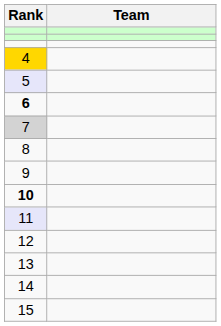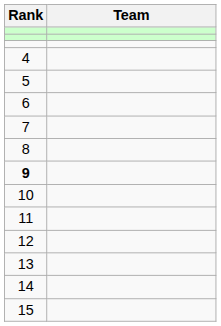 <table class="wikitable" style="text-align: center;">
 <tr>
 <th width=40>Rank</th>
 <th width=180>Team</th>
 </tr>
 <tr bgcolor=#ccffcc>
 <td></td>
 <td align=left></td>
 </tr>
 <tr bgcolor=#ccffcc>
 <td></td>
 <td align=left></td>
 </tr>
 <tr>
 <td></td>
 <td align=left></td>
 </tr>
 <tr>
-<td style="background: gold;">4</td>
+<td>4</td>
 <td align=left></td>
 </tr>
 <tr>
-<td style="background: lavender;">5</td>
+<td>5</td>
 <td align=left></td>
 </tr>
 <tr>
-<td><strong>6</strong></td>
+<td>6</td>
 <td align=left></td>
 </tr>
 <tr>
-<td style="background: lightgrey;">7</td>
+<td>7</td>
 <td align=left></td>
 </tr>
 <tr>
 <td>8</td>
 <td align=left></td>
 </tr>
 <tr>
-<td>9</td>
+<td><strong>9</strong></td>
 <td align=left></td>
 </tr>
 <tr>
-<td><strong>10</strong></td>
+<td>10</td>
 <td align=left></td>
 </tr>
 <tr>
-<td style="background: lavender;">11</td>
+<td>11</td>
 <td align=left></td>
 </tr>
 <tr>
 <td>12</td>
 <td align=left></td>
 </tr>
 <tr>
 <td>13</td>
 <td align=left></td>
 </tr>
 <tr>
 <td>14</td>
 <td align=left></td>
 </tr>
 <tr>
 <td>15</td>
 <td align=left></td>
 </tr>
 </table>
